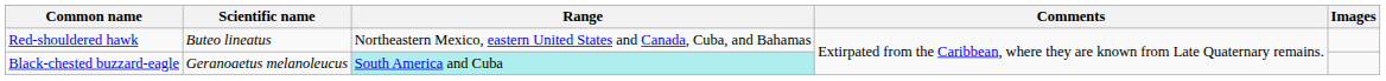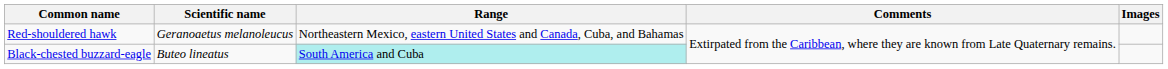 <table class="wikitable">
 <tr>
 <th>Common name</th>
 <th>Scientific name</th>
 <th>Range</th>
 <th class="unsortable">Comments</th>
 <th>Images</th>
 </tr>
 <tr>
 <td><a href='#'>Red-shouldered hawk</a></td>
-<td><em>Buteo lineatus</em></td>
+<td><em>Geranoaetus melanoleucus</em></td>
 <td>Northeastern Mexico, <a href='#'>eastern United States</a> and <a href='#'>Canada</a>, Cuba, and Bahamas</td>
 <td rowspan="2">Extirpated from the <a href='#'>Caribbean</a>, where they are known from Late Quaternary remains.</td>
 <td></td>
 </tr>
 <tr>
 <td><a href='#'>Black-chested buzzard-eagle</a></td>
-<td><em>Geranoaetus melanoleucus</em></td>
+<td><em>Buteo lineatus</em></td>
 <td style="background: paleturquoise;"><a href='#'>South America</a> and Cuba</td>
 <td></td>
 </tr>
 </table>
